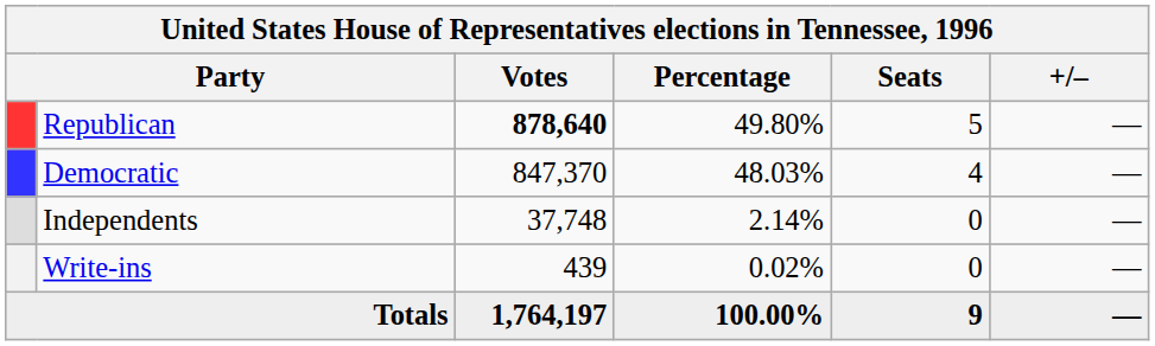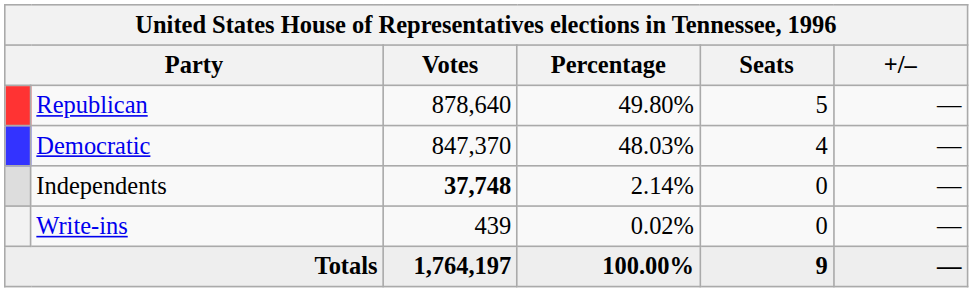 <table class="wikitable" style="font-size: 95%;">
 <tr>
 <th colspan="6">United States House of Representatives elections in Tennessee, 1996</th>
 </tr>
 <tr>
 <th colspan="2" style="width: 15em">Party</th>
 <th style="width: 5em">Votes</th>
 <th style="width: 7em">Percentage</th>
 <th style="width: 5em">Seats</th>
 <th style="width: 5em">+/–</th>
 </tr>
 <tr>
 <th style="background-color:#FF3333; width: 3px"></th>
 <td style="width: 130px"><a href='#'>Republican</a></td>
-<td align="right"><strong>878,640</strong></td>
+<td align="right">878,640</td>
 <td align="right">49.80%</td>
 <td align="right">5</td>
 <td align="right">—</td>
 </tr>
 <tr>
 <th style="background-color:#3333FF; width: 3px"></th>
 <td style="width: 130px"><a href='#'>Democratic</a></td>
 <td align="right">847,370</td>
 <td align="right">48.03%</td>
 <td align="right">4</td>
 <td align="right">—</td>
 </tr>
 <tr>
 <th style="background-color:#DDDDDD; width: 3px"></th>
 <td style="width: 130px">Independents</td>
-<td align="right">37,748</td>
+<td align="right"><strong>37,748</strong></td>
 <td align="right">2.14%</td>
 <td align="right">0</td>
 <td align="right">—</td>
 </tr>
 <tr>
 <th></th>
 <td><a href='#'>Write-ins</a></td>
 <td align="right">439</td>
 <td align="right">0.02%</td>
 <td align="right">0</td>
 <td align="right">—</td>
 </tr>
 <tr bgcolor="#EEEEEE">
 <td colspan="2" align="right"><strong>Totals</strong></td>
 <td align="right"><strong>1,764,197</strong></td>
 <td align="right"><strong>100.00%</strong></td>
 <td align="right"><strong>9</strong></td>
 <td align="right"><strong>—</strong></td>
 </tr>
 </table>
